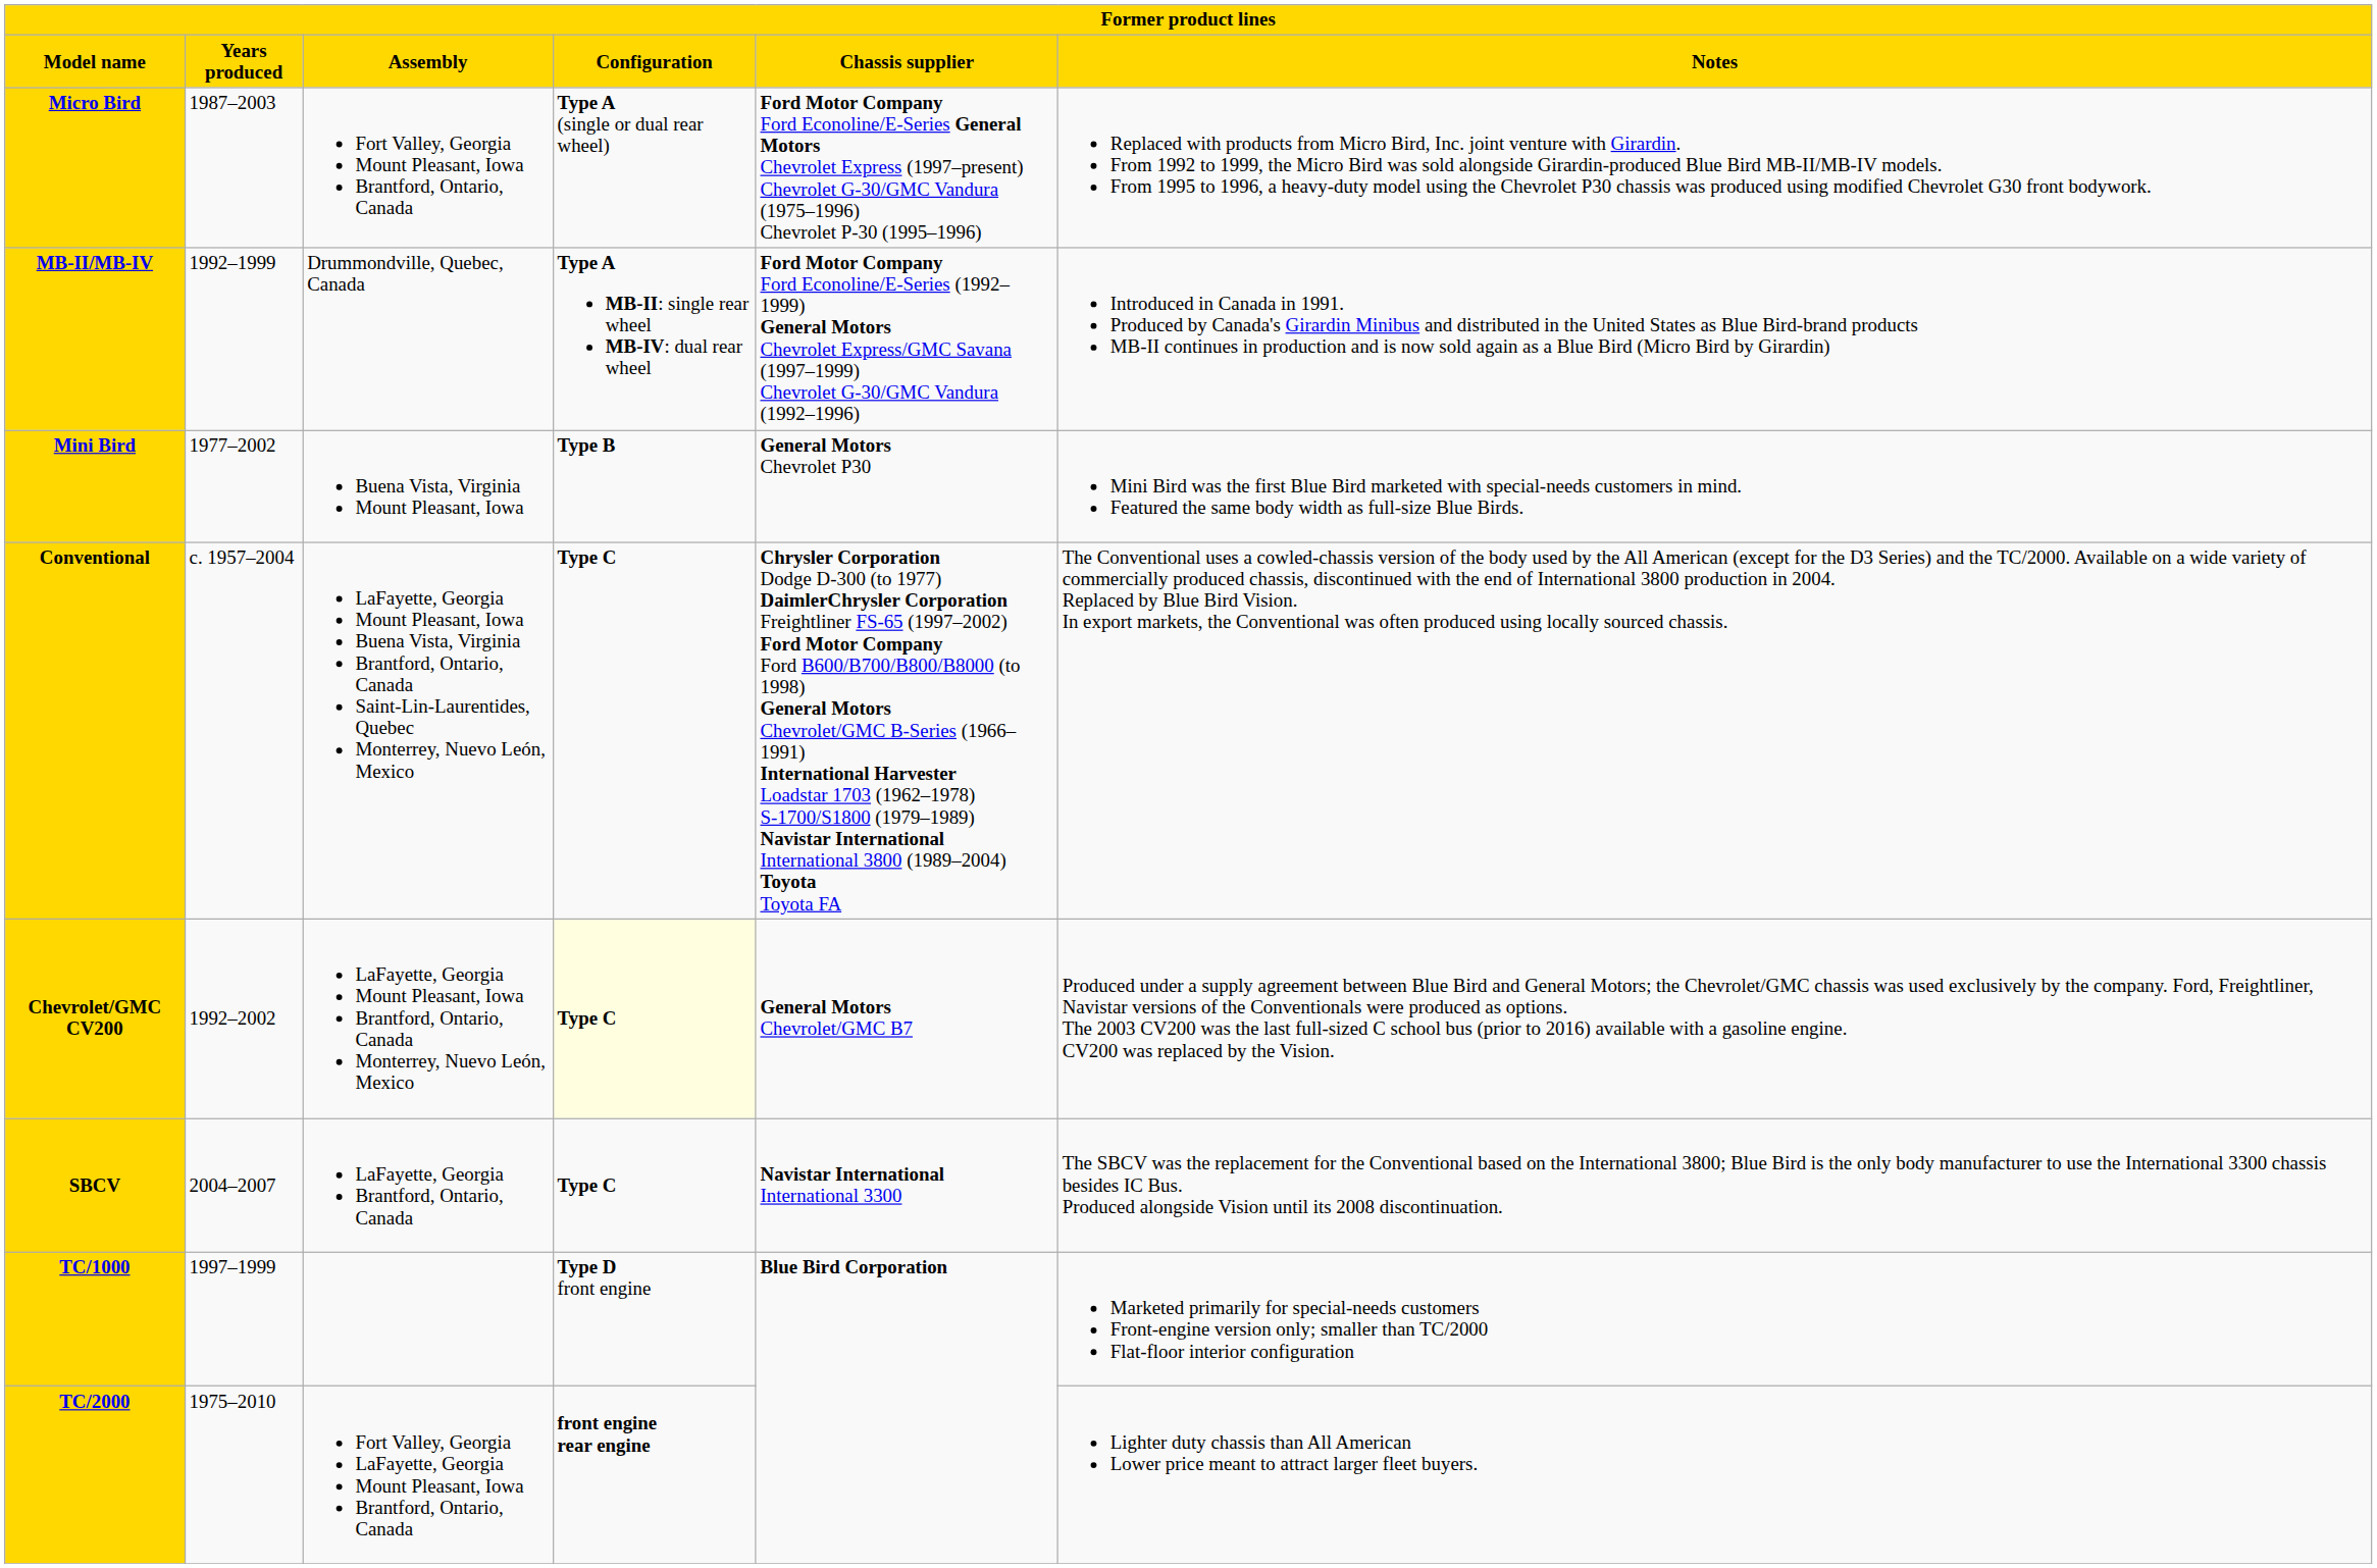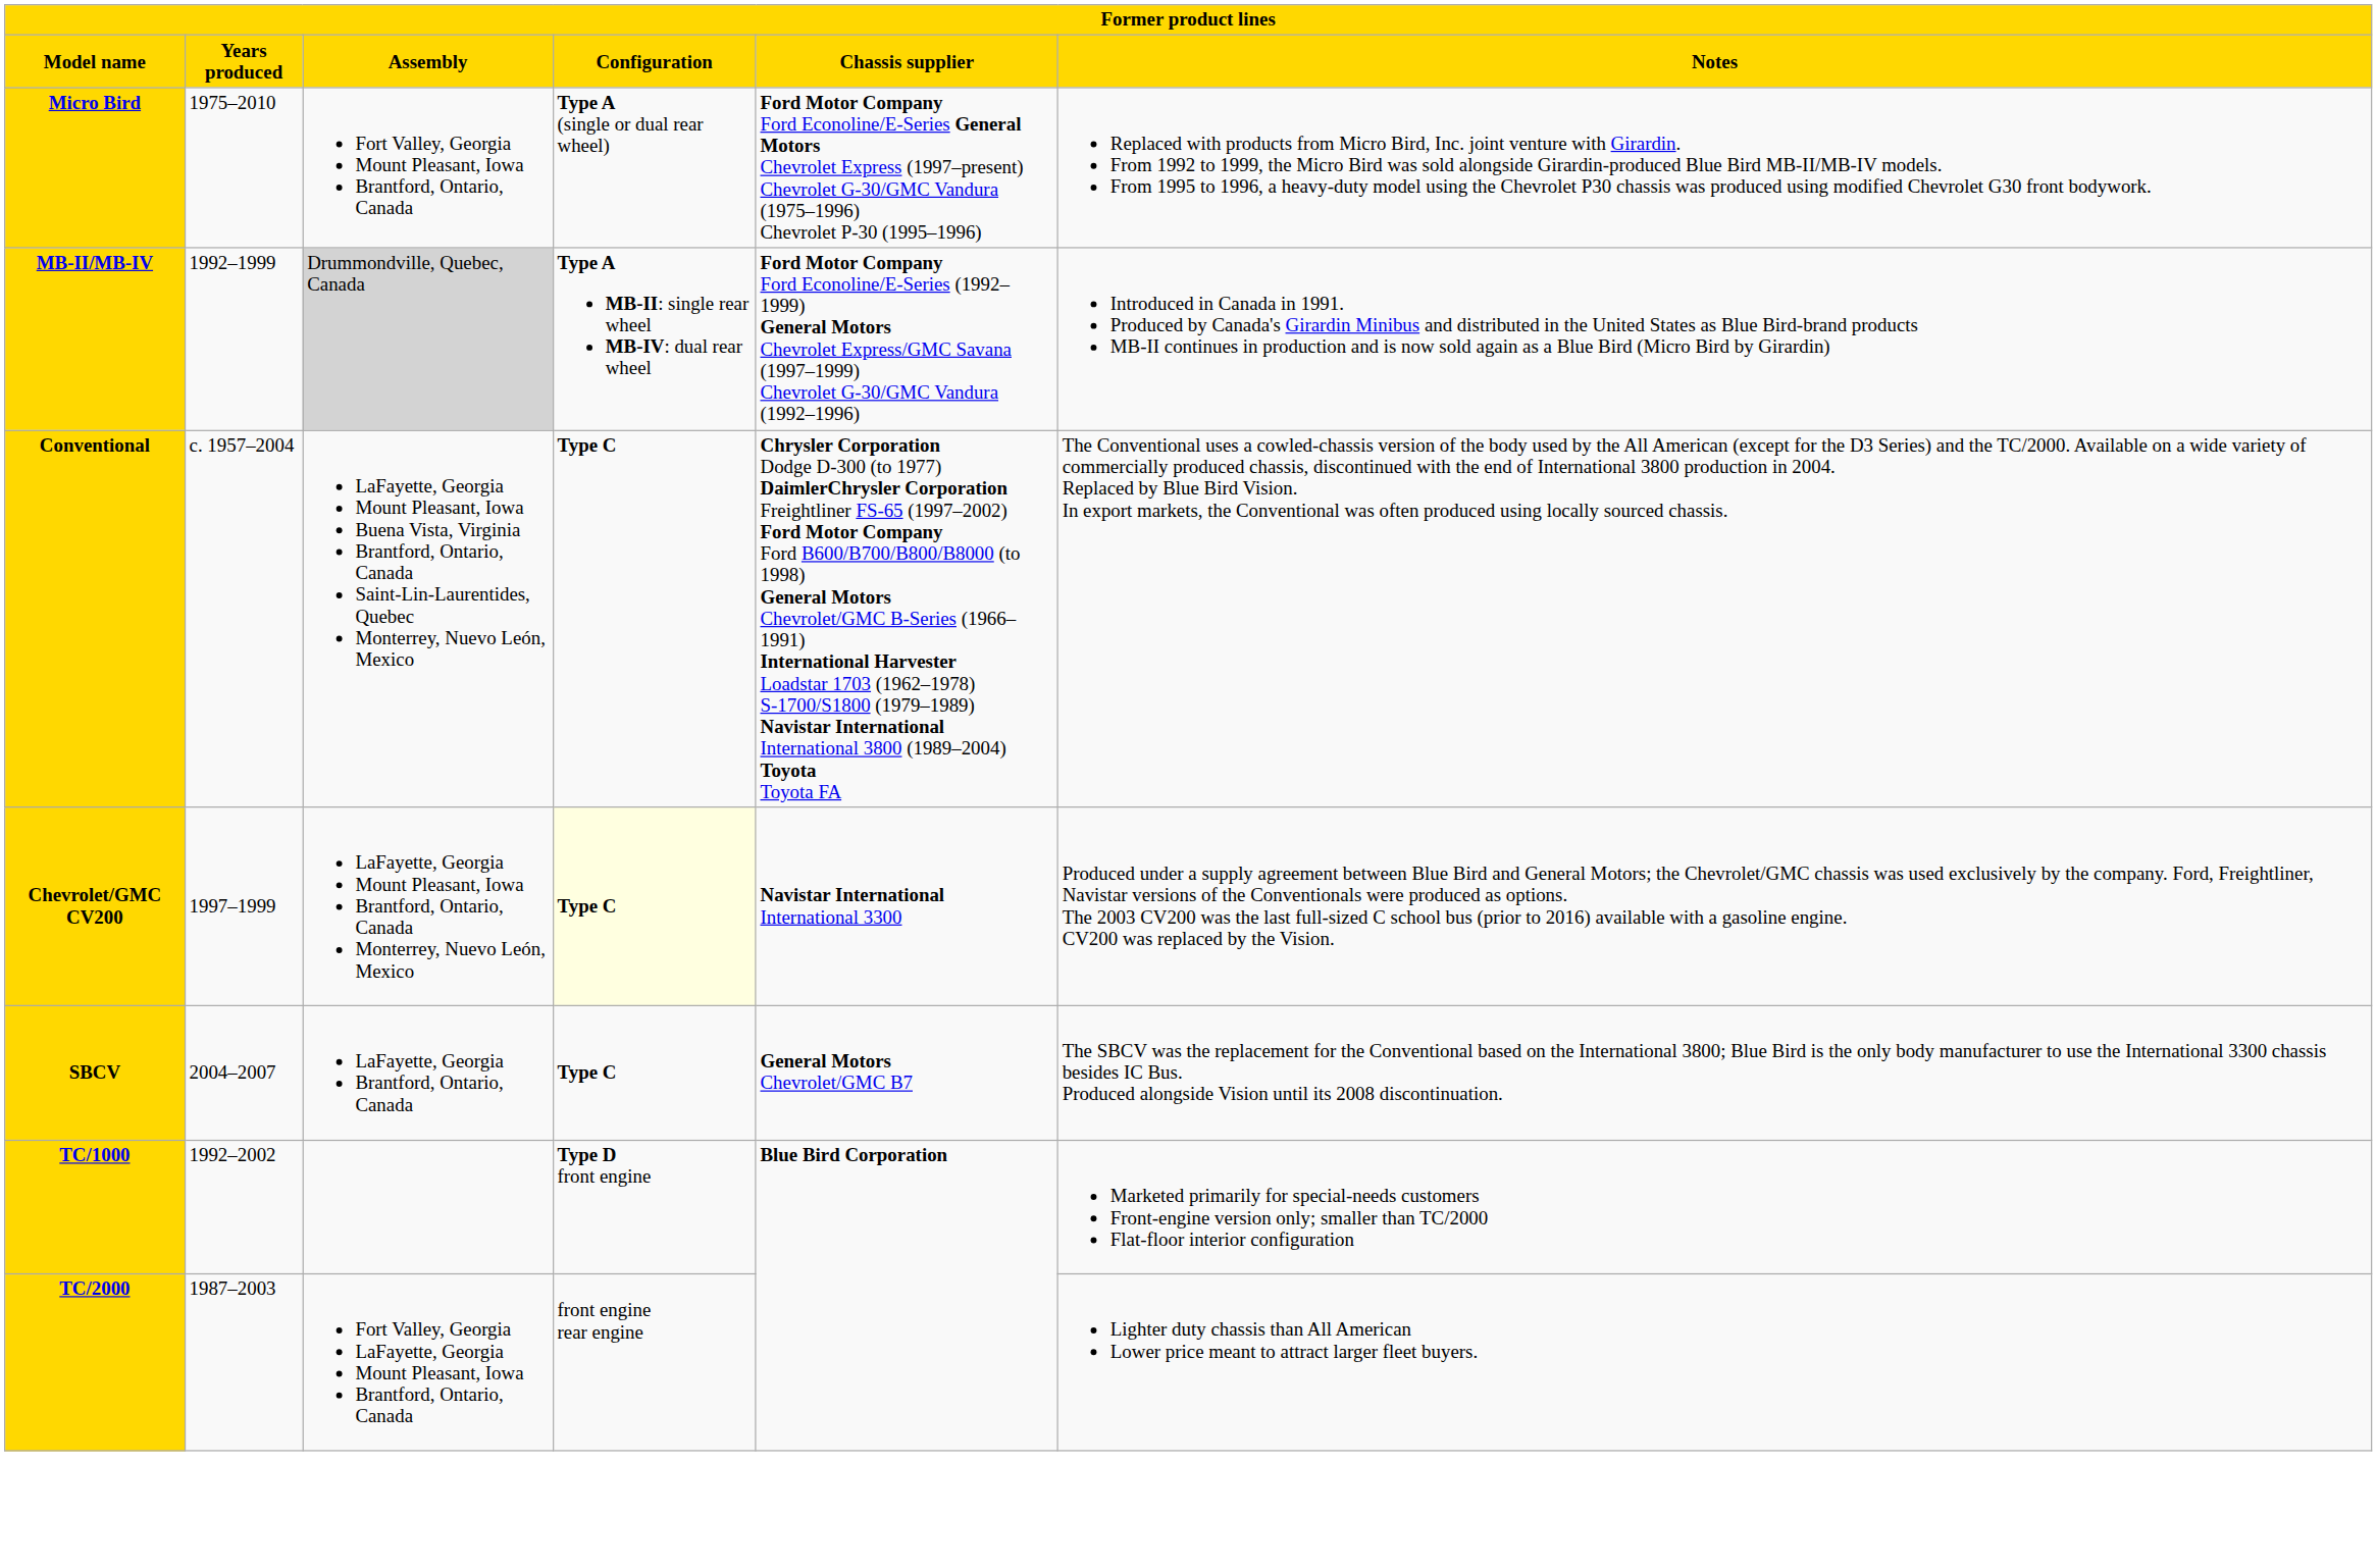 <table class="wikitable" style="text-align:justified">
 <tr>
 <th colspan=6 style="background:#FFD800">Former product lines</th>
 </tr>
 <tr>
 <th style="background:#FFD800;">Model name</th>
 <th style="background:#FFD800;">Years produced</th>
 <th style="background:#FFD800;">Assembly</th>
 <th style="background:#FFD800;">Configuration</th>
 <th style="background:#FFD800;">Chassis supplier</th>
 <th style="background:#FFD800;">Notes</th>
 </tr>
 <tr valign=top>
 <td style="background:#FFD800; text-align:center"><strong><a href='#'>Micro Bird</a></strong><br></td>
-<td>1987–2003</td>
+<td>1975–2010</td>
 <td><br><ul><li>Fort Valley, Georgia</li><li>Mount Pleasant, Iowa</li><li>Brantford, Ontario, Canada</li></ul></td>
 <td><strong>Type A</strong><br>(single or dual rear wheel)</td>
 <td><strong>Ford Motor Company</strong><br><a href='#'>Ford Econoline/E-Series</a> <strong>General Motors</strong><br><a href='#'>Chevrolet Express</a> (1997–present)<br><a href='#'>Chevrolet G-30/GMC Vandura</a> (1975–1996)<br>Chevrolet P-30 (1995–1996)</td>
 <td><br><ul><li>Replaced with products from Micro Bird, Inc. joint venture with <a href='#'>Girardin</a>.</li><li>From 1992 to 1999, the Micro Bird was sold alongside Girardin-produced Blue Bird MB-II/MB-IV models.</li><li>From 1995 to 1996, a heavy-duty model using the Chevrolet P30 chassis was produced using modified Chevrolet G30 front bodywork.</li></ul></td>
 </tr>
 <tr valign=top>
 <td style="background:#FFD800; text-align:center"><strong><a href='#'>MB-II/MB-IV</a></strong><br></td>
 <td>1992–1999</td>
-<td>Drummondville, Quebec, Canada</td>
+<td style="background: lightgrey;">Drummondville, Quebec, Canada</td>
 <td><strong>Type A</strong><br><ul><li><strong>MB-II</strong>: single rear wheel</li><li><strong>MB-IV</strong>: dual rear wheel</li></ul></td>
 <td><strong>Ford Motor Company</strong><br><a href='#'>Ford Econoline/E-Series</a> (1992–1999)<br><strong>General Motors</strong><br><a href='#'>Chevrolet Express/GMC Savana</a> (1997–1999)<br><a href='#'>Chevrolet G-30/GMC Vandura</a> (1992–1996)</td>
 <td><br><ul><li>Introduced in Canada in 1991.</li><li>Produced by Canada's <a href='#'>Girardin Minibus</a> and distributed in the United States as Blue Bird-brand products</li><li>MB-II continues in production and is now sold again as a Blue Bird (Micro Bird by Girardin)</li></ul></td>
-</tr>
-<tr valign=top>
-<td style="background:#FFD800; text-align:center"><strong><a href='#'>Mini Bird</a></strong><br></td>
-<td>1977–2002</td>
-<td><br><ul><li>Buena Vista, Virginia</li><li>Mount Pleasant, Iowa</li></ul></td>
-<td><strong>Type B</strong></td>
-<td><strong>General Motors</strong><br>Chevrolet P30</td>
-<td><br><ul><li>Mini Bird was the first Blue Bird marketed with special-needs customers in mind.</li><li>Featured the same body width  as full-size Blue Birds.</li></ul></td>
 </tr>
 <tr valign="top">
 <td style="background:#FFD800; text-align:center"><strong>Conventional</strong><br></td>
 <td>c. 1957–2004</td>
 <td><br><ul><li>LaFayette, Georgia</li><li>Mount Pleasant, Iowa</li><li>Buena Vista, Virginia</li><li>Brantford, Ontario, Canada</li><li>Saint-Lin-Laurentides, Quebec</li><li>Monterrey, Nuevo León, Mexico</li></ul></td>
 <td><strong>Type C</strong></td>
 <td><strong>Chrysler Corporation</strong><br>Dodge D-300 (to 1977)<br><strong>DaimlerChrysler Corporation</strong><br>Freightliner <a href='#'>FS-65</a> (1997–2002)<br><strong>Ford Motor Company</strong><br>Ford <a href='#'>B600/B700/B800/B8000</a> (to 1998)<br><strong>General Motors</strong><br><a href='#'>Chevrolet/GMC B-Series</a> (1966–1991)<br><strong>International Harvester</strong><br><a href='#'>Loadstar 1703</a> (1962–1978)<br><a href='#'>S-1700/S1800</a> (1979–1989)<br><strong>Navistar International</strong><br><a href='#'>International 3800</a> (1989–2004)<br><strong>Toyota</strong><br><a href='#'>Toyota FA</a></td>
 <td>The Conventional uses a cowled-chassis version of the body used by the All American (except for the D3 Series) and the TC/2000. Available on a wide variety of commercially produced chassis, discontinued with the end of International 3800 production in 2004.<br>Replaced by Blue Bird Vision.<br>In export markets, the Conventional was often produced using locally sourced chassis.</td>
 </tr>
 <tr>
 <td style="background:#FFD800; text-align:center"><strong>Chevrolet/GMC CV200</strong></td>
-<td>1992–2002</td>
+<td>1997–1999</td>
 <td><br><ul><li>LaFayette, Georgia</li><li>Mount Pleasant, Iowa</li><li>Brantford, Ontario, Canada</li><li>Monterrey, Nuevo León, Mexico</li></ul></td>
 <td style="background: lightyellow;"><strong>Type C</strong></td>
-<td><strong>General Motors</strong><br><a href='#'>Chevrolet/GMC B7</a></td>
+<td><strong>Navistar International</strong><br><a href='#'>International 3300</a></td>
 <td>Produced under a supply agreement between Blue Bird and General Motors; the Chevrolet/GMC chassis was used exclusively by the company. Ford, Freightliner, Navistar versions of the Conventionals were produced as options.<br>The 2003 CV200 was the last full-sized C school bus (prior to 2016) available with a gasoline engine.<br>CV200 was replaced by the Vision.</td>
 </tr>
 <tr>
 <td style="background:#FFD800; text-align:center"><strong>SBCV</strong></td>
 <td>2004–2007</td>
 <td><br><ul><li>LaFayette, Georgia</li><li>Brantford, Ontario, Canada</li></ul></td>
 <td><strong>Type C</strong></td>
-<td><strong>Navistar International</strong><br><a href='#'>International 3300</a></td>
+<td><strong>General Motors</strong><br><a href='#'>Chevrolet/GMC B7</a></td>
 <td>The SBCV was the replacement for the Conventional based on the International 3800; Blue Bird is the only body manufacturer to use the International 3300 chassis besides IC Bus.<br>Produced alongside Vision until its 2008 discontinuation.</td>
 </tr>
 <tr valign=top>
 <td style="background:#FFD800; text-align:center"><strong><a href='#'>TC/1000</a></strong></td>
-<td>1997–1999</td>
+<td>1992–2002</td>
 <td></td>
 <td><strong>Type D</strong><br>front engine</td>
 <td rowspan="2"><strong>Blue Bird Corporation</strong></td>
 <td><br><ul><li>Marketed primarily for special-needs customers</li><li>Front-engine version only; smaller than TC/2000</li><li>Flat-floor interior configuration</li></ul></td>
 </tr>
 <tr valign=top>
 <td style="background:#FFD800; text-align:center"><strong><a href='#'>TC/2000</a></strong><br></td>
-<td>1975–2010</td>
+<td>1987–2003</td>
 <td><br><ul><li>Fort Valley, Georgia</li><li>LaFayette, Georgia</li><li>Mount Pleasant, Iowa</li><li>Brantford, Ontario, Canada</li></ul></td>
-<td><strong><br>front engine<br>rear engine</strong></td>
+<td><br>front engine<br>rear engine</td>
 <td><br><ul><li>Lighter duty chassis than All American</li><li>Lower price meant to attract larger fleet buyers.</li></ul></td>
 </tr>
 </table>
